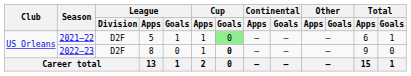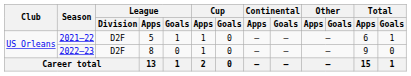 <table class="wikitable" style="text-align: center;">
 <tr>
 <th rowspan="2">Club</th>
 <th rowspan="2">Season</th>
 <th colspan="3">League</th>
 <th colspan="2">Cup</th>
 <th colspan="2">Continental</th>
 <th colspan="2">Other</th>
 <th colspan="2">Total</th>
 </tr>
 <tr>
 <th>Division</th>
 <th>Apps</th>
 <th>Goals</th>
 <th>Apps</th>
 <th>Goals</th>
 <th>Apps</th>
 <th>Goals</th>
 <th>Apps</th>
 <th>Goals</th>
 <th>Apps</th>
 <th>Goals</th>
 </tr>
 <tr>
 <td rowspan=2><a href='#'>US Orleans</a></td>
 <td><a href='#'>2021–22</a></td>
 <td>D2F</td>
 <td>5</td>
 <td>1</td>
 <td>1</td>
-<td style="background: lightgreen;">0</td>
+<td>0</td>
 <td>–</td>
 <td>–</td>
 <td colspan="2">—</td>
 <td>6</td>
 <td>1</td>
 </tr>
 <tr>
 <td><a href='#'>2022–23</a></td>
 <td>D2F</td>
 <td>8</td>
 <td>0</td>
 <td>1</td>
-<td><strong>0</strong></td>
+<td>0</td>
 <td>–</td>
 <td>–</td>
 <td colspan="2">—</td>
 <td>9</td>
 <td>0</td>
 </tr>
 <tr>
 <th colspan=3>Career total</th>
 <th>13</th>
 <th>1</th>
 <th>2</th>
 <th>0</th>
 <th>–</th>
 <th>–</th>
 <th colspan="2">—</th>
 <th>15</th>
 <th>1</th>
 </tr>
 </table>
